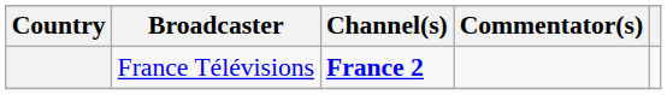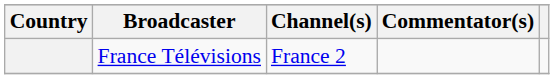 <table class="wikitable plainrowheaders">
 <tr>
 </tr>
 <tr>
 <th scope="col">Country</th>
 <th scope="col">Broadcaster</th>
 <th scope="col">Channel(s)</th>
 <th scope="col">Commentator(s)</th>
 <th scope="col"></th>
 </tr>
 <tr>
 <th scope="row"></th>
 <td><a href='#'>France Télévisions</a></td>
-<td><strong><a href='#'>France 2</a></strong></td>
+<td><a href='#'>France 2</a></td>
 <td></td>
 <td></td>
 </tr>
 <tr>
 </tr>
 </table>
